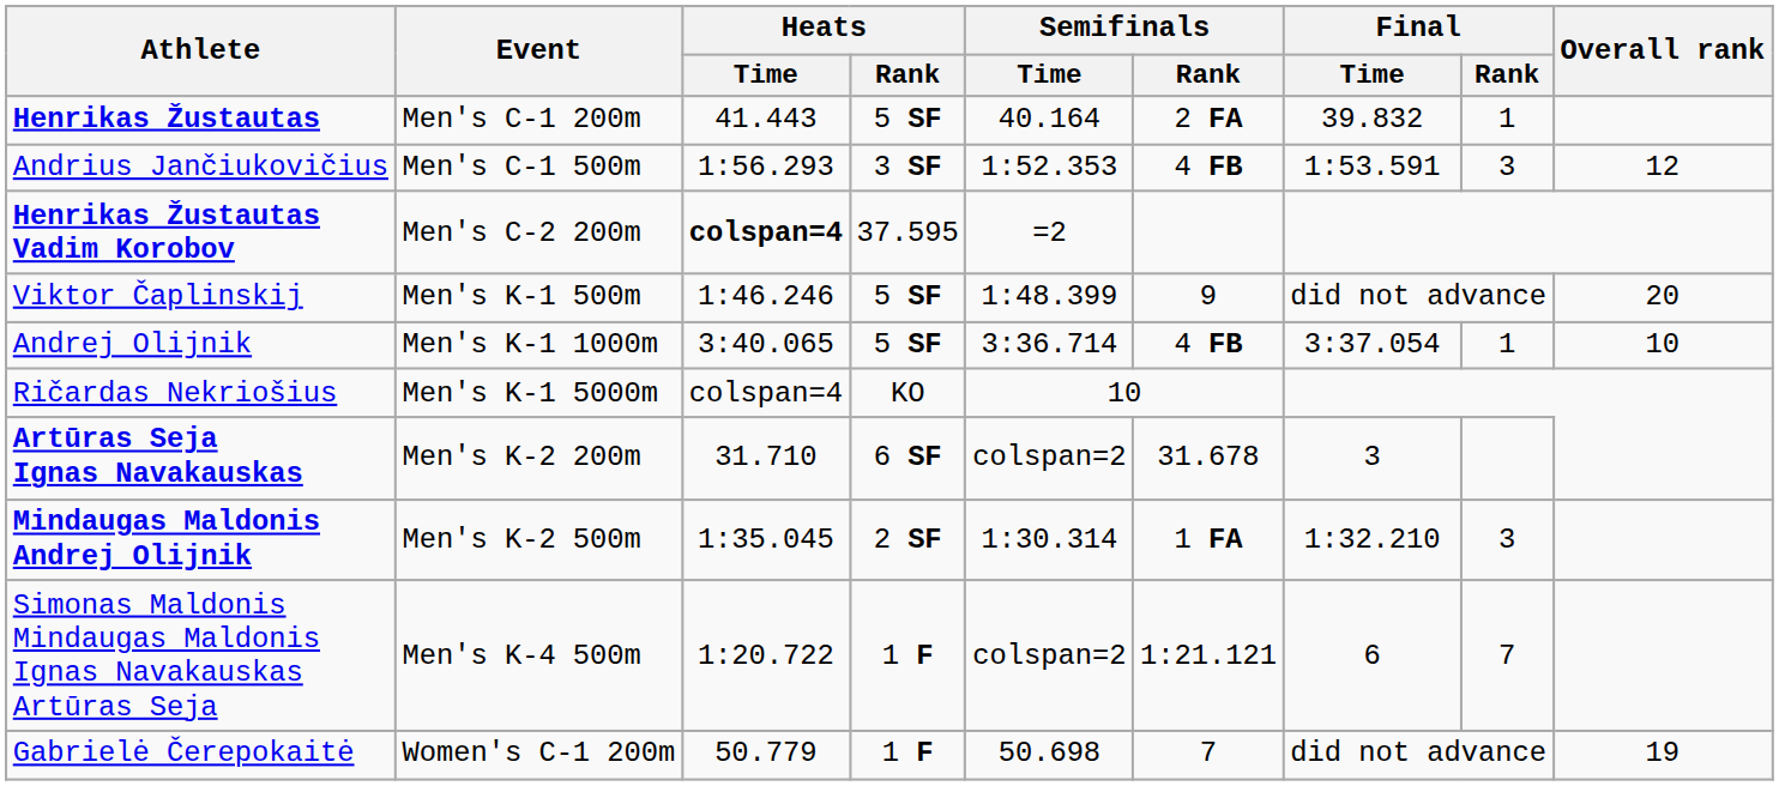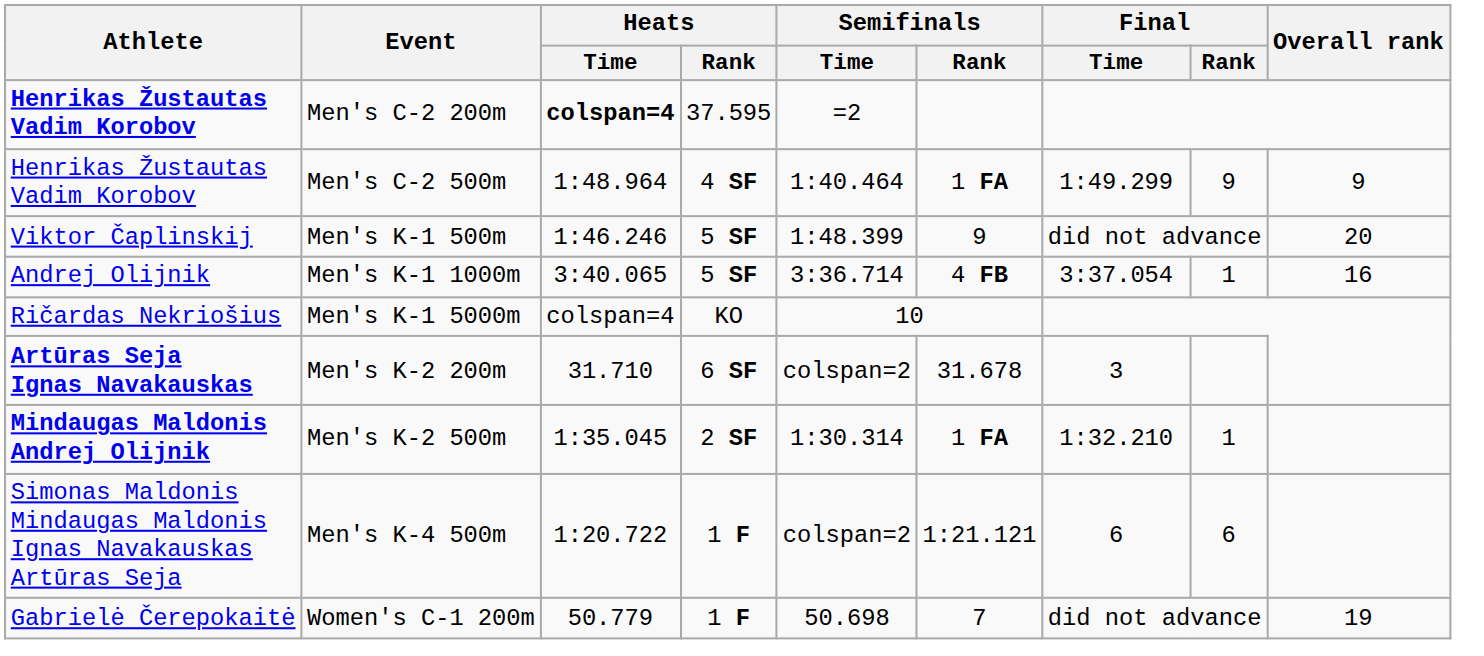 <table class=wikitable style="font-size:90%">
 <tr>
 <th rowspan="2">Athlete</th>
 <th rowspan="2">Event</th>
 <th colspan=2>Heats</th>
 <th colspan=2>Semifinals</th>
 <th colspan=2>Final</th>
 <th rowspan="2">Overall rank</th>
 </tr>
 <tr style="font-size:95%">
 <th>Time</th>
 <th>Rank</th>
 <th>Time</th>
 <th>Rank</th>
 <th>Time</th>
 <th>Rank</th>
 </tr>
 <tr align=center>
-<td align=left><strong><a href='#'>Henrikas Žustautas</a></strong></td>
-<td align=left>Men's C-1 200m</td>
-<td>41.443</td>
-<td>5 <strong>SF</strong></td>
-<td>40.164</td>
-<td>2 <strong>FA</strong></td>
-<td>39.832</td>
-<td>1</td>
-<td></td>
-</tr>
-<tr align=center>
-<td align=left><a href='#'>Andrius Jančiukovičius</a></td>
-<td align=left>Men's C-1 500m</td>
-<td>1:56.293</td>
-<td>3 <strong>SF</strong></td>
-<td>1:52.353</td>
-<td>4 <strong>FB</strong></td>
-<td>1:53.591</td>
-<td>3</td>
-<td>12</td>
-</tr>
-<tr align=center>
 <td align=left><strong><a href='#'>Henrikas Žustautas</a><br><a href='#'>Vadim Korobov</a></strong></td>
 <td align=left>Men's C-2 200m</td>
 <td><strong>colspan=4 </strong></td>
 <td>37.595</td>
 <td>=2</td>
 <td></td>
+</tr>
+<tr align=center>
+<td align=left><a href='#'>Henrikas Žustautas</a><br><a href='#'>Vadim Korobov</a></td>
+<td align=left>Men's C-2 500m</td>
+<td>1:48.964</td>
+<td>4 <strong>SF</strong></td>
+<td>1:40.464</td>
+<td>1 <strong>FA</strong></td>
+<td>1:49.299</td>
+<td>9</td>
+<td>9</td>
 </tr>
 <tr align=center>
 <td align=left><a href='#'>Viktor Čaplinskij</a></td>
 <td align=left>Men's K-1 500m</td>
 <td>1:46.246</td>
 <td>5 <strong>SF</strong></td>
 <td>1:48.399</td>
 <td>9</td>
 <td align=center colspan=2>did not advance</td>
 <td>20</td>
 </tr>
 <tr align=center>
 <td align=left><a href='#'>Andrej Olijnik</a></td>
 <td align=left>Men's K-1 1000m</td>
 <td>3:40.065</td>
 <td>5 <strong>SF</strong></td>
 <td>3:36.714</td>
 <td>4 <strong>FB</strong></td>
 <td>3:37.054</td>
 <td>1</td>
-<td>10</td>
+<td>16</td>
 </tr>
 <tr align=center>
 <td align=left><a href='#'>Ričardas Nekriošius</a></td>
 <td align=left>Men's K-1 5000m</td>
 <td>colspan=4 </td>
 <td>KO</td>
 <td colspan=2>10</td>
 </tr>
 <tr align=center>
 <td align=left><strong><a href='#'>Artūras Seja</a><br><a href='#'>Ignas Navakauskas</a></strong></td>
 <td align=left>Men's K-2 200m</td>
 <td>31.710</td>
 <td>6 <strong>SF</strong></td>
 <td>colspan=2 </td>
 <td>31.678</td>
 <td>3</td>
 <td></td>
 </tr>
 <tr align=center>
 <td align=left><strong><a href='#'>Mindaugas Maldonis</a><br><a href='#'>Andrej Olijnik</a></strong></td>
 <td align=left>Men's K-2 500m</td>
 <td>1:35.045</td>
 <td>2 <strong>SF</strong></td>
 <td>1:30.314</td>
 <td>1 <strong>FA</strong></td>
 <td>1:32.210</td>
-<td>3</td>
+<td>1</td>
 <td></td>
 </tr>
 <tr align=center>
 <td align=left><a href='#'>Simonas Maldonis</a><br><a href='#'>Mindaugas Maldonis</a><br><a href='#'>Ignas Navakauskas</a><br><a href='#'>Artūras Seja</a></td>
 <td align=left>Men's K-4 500m</td>
 <td>1:20.722</td>
 <td>1 <strong>F</strong></td>
 <td>colspan=2 </td>
 <td>1:21.121</td>
 <td>6</td>
-<td>7</td>
+<td>6</td>
 </tr>
 <tr align=center>
 <td align=left><a href='#'>Gabrielė Čerepokaitė</a></td>
 <td align=left>Women's C-1 200m</td>
 <td>50.779</td>
 <td>1 <strong>F</strong></td>
 <td>50.698</td>
 <td>7</td>
 <td align=center colspan=2>did not advance</td>
 <td>19</td>
 </tr>
 </table>
